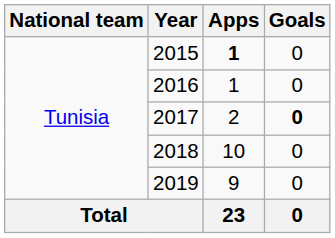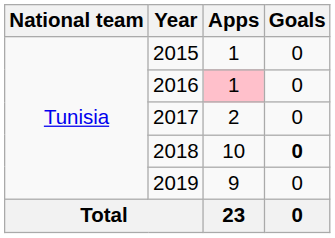 <table class="wikitable" style="text-align:center">
 <tr>
 <th>National team</th>
 <th>Year</th>
 <th>Apps</th>
 <th>Goals</th>
 </tr>
 <tr>
 <td rowspan="5"><a href='#'>Tunisia</a></td>
 <td>2015</td>
-<td><strong>1</strong></td>
+<td>1</td>
 <td>0</td>
 </tr>
 <tr>
 <td>2016</td>
-<td>1</td>
+<td style="background: pink;">1</td>
 <td>0</td>
 </tr>
 <tr>
 <td>2017</td>
 <td>2</td>
-<td><strong>0</strong></td>
+<td>0</td>
 </tr>
 <tr>
 <td>2018</td>
 <td>10</td>
-<td>0</td>
+<td><strong>0</strong></td>
 </tr>
 <tr>
 <td>2019</td>
 <td>9</td>
 <td>0</td>
 </tr>
 <tr>
 <th colspan="2">Total</th>
 <th>23</th>
 <th>0</th>
 </tr>
 </table>
